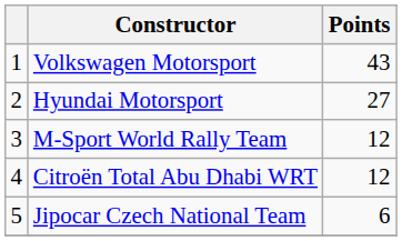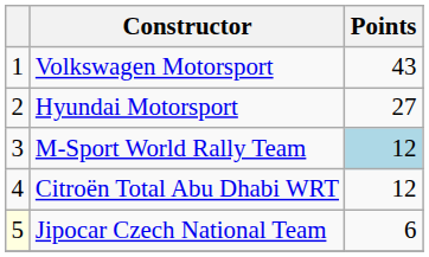 <table class="wikitable" style="font-size: 90%;">
 <tr>
 <th></th>
 <th>Constructor</th>
 <th>Points</th>
 </tr>
 <tr>
 <td align="center">1</td>
 <td> <a href='#'>Volkswagen Motorsport</a></td>
 <td align="right">43</td>
 </tr>
 <tr>
 <td align="center">2</td>
 <td> <a href='#'>Hyundai Motorsport</a></td>
 <td align="right">27</td>
 </tr>
 <tr>
 <td align="center">3</td>
 <td> <a href='#'>M-Sport World Rally Team</a></td>
-<td align="right">12</td>
+<td align="right" style="background: lightblue;">12</td>
 </tr>
 <tr>
 <td align="center">4</td>
 <td> <a href='#'>Citroën Total Abu Dhabi WRT</a></td>
 <td align="right">12</td>
 </tr>
 <tr>
-<td align="center">5</td>
+<td align="center" style="background: lightyellow;">5</td>
 <td> <a href='#'>Jipocar Czech National Team</a></td>
 <td align="right">6</td>
 </tr>
 <tr>
 </tr>
 </table>
